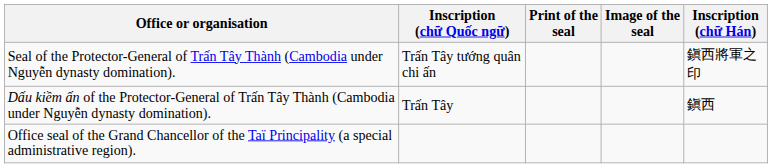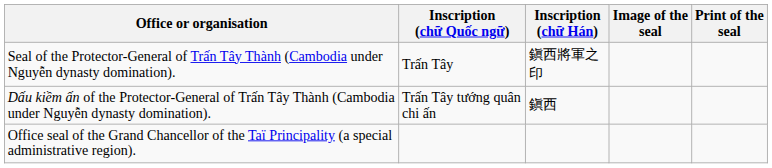 <table class="wikitable">
 <tr>
 <th>Office or organisation</th>
 <th>Inscription<br>(<a href='#'>chữ Quốc ngữ</a>)</th>
+<th>Inscription<br>(<a href='#'>chữ Hán</a>)</th>
+<th>Image of the seal</th>
 <th>Print of the seal</th>
-<th>Image of the seal</th>
-<th>Inscription<br>(<a href='#'>chữ Hán</a>)</th>
 </tr>
 <tr>
 <td>Seal of the Protector-General of <a href='#'>Trấn Tây Thành</a> (<a href='#'>Cambodia</a> under Nguyễn dynasty domination).</td>
-<td>Trấn Tây tướng quân chi ấn</td>
+<td>Trấn Tây</td>
+<td>鎭西將軍之印</td>
 <td></td>
 <td></td>
-<td>鎭西將軍之印</td>
 </tr>
 <tr>
 <td><em>Dấu kiềm ấn</em> of the Protector-General of Trấn Tây Thành (Cambodia under Nguyễn dynasty domination).</td>
-<td>Trấn Tây</td>
+<td>Trấn Tây tướng quân chi ấn</td>
+<td>鎭西</td>
 <td></td>
 <td></td>
-<td>鎭西</td>
 </tr>
 <tr>
 <td>Office seal of the Grand Chancellor of the <a href='#'>Taï Principality</a> (a special administrative region).</td>
 <td></td>
 <td></td>
 <td></td>
 <td></td>
 </tr>
 </table>
